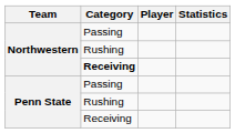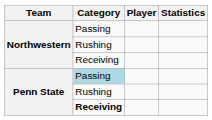 <table class="wikitable" style="float:right">
 <tr>
 <th>Team</th>
 <th>Category</th>
 <th>Player</th>
 <th>Statistics</th>
 </tr>
 <tr>
 <th rowspan=3>Northwestern</th>
 <td>Passing</td>
 <td></td>
 <td></td>
 </tr>
 <tr>
 <td>Rushing</td>
 <td></td>
 <td></td>
 </tr>
 <tr>
-<td><strong>Receiving</strong></td>
+<td>Receiving</td>
 <td></td>
 <td></td>
 </tr>
 <tr>
 <th rowspan=3>Penn State</th>
-<td>Passing</td>
+<td style="background: lightblue;">Passing</td>
 <td></td>
 <td></td>
 </tr>
 <tr>
 <td>Rushing</td>
 <td></td>
 <td></td>
 </tr>
 <tr>
-<td>Receiving</td>
+<td><strong>Receiving</strong></td>
 <td></td>
 <td></td>
 </tr>
 </table>
